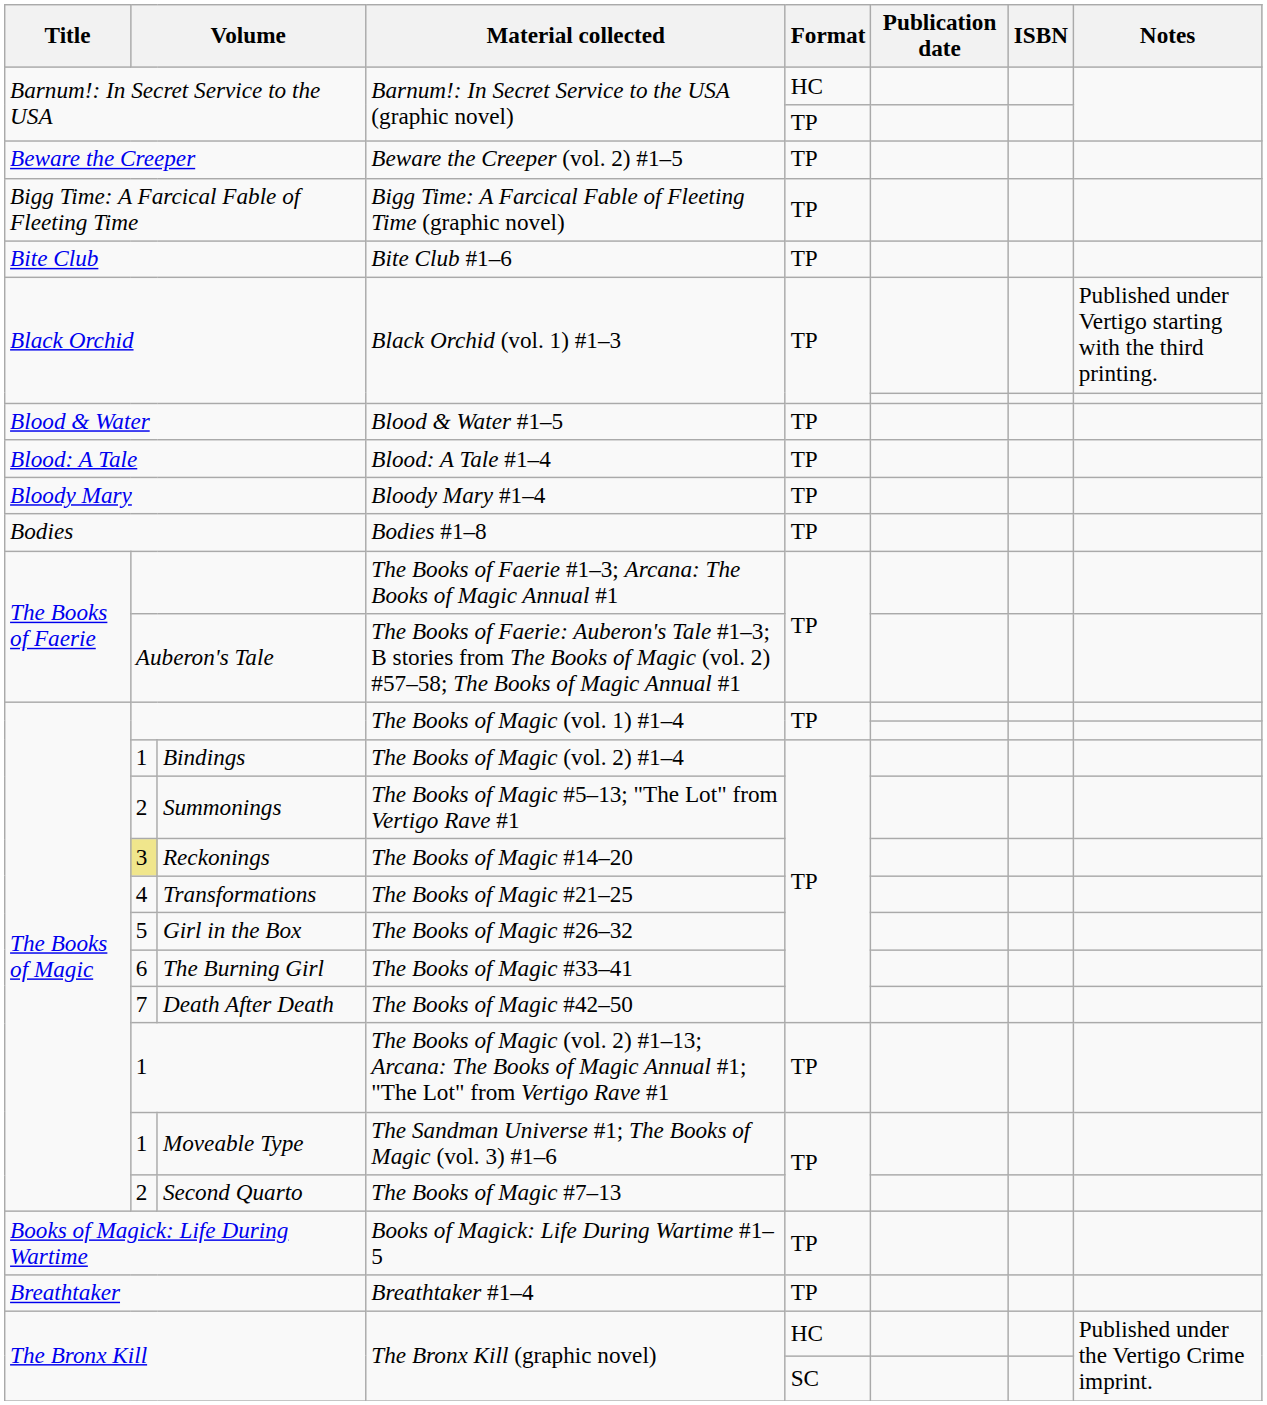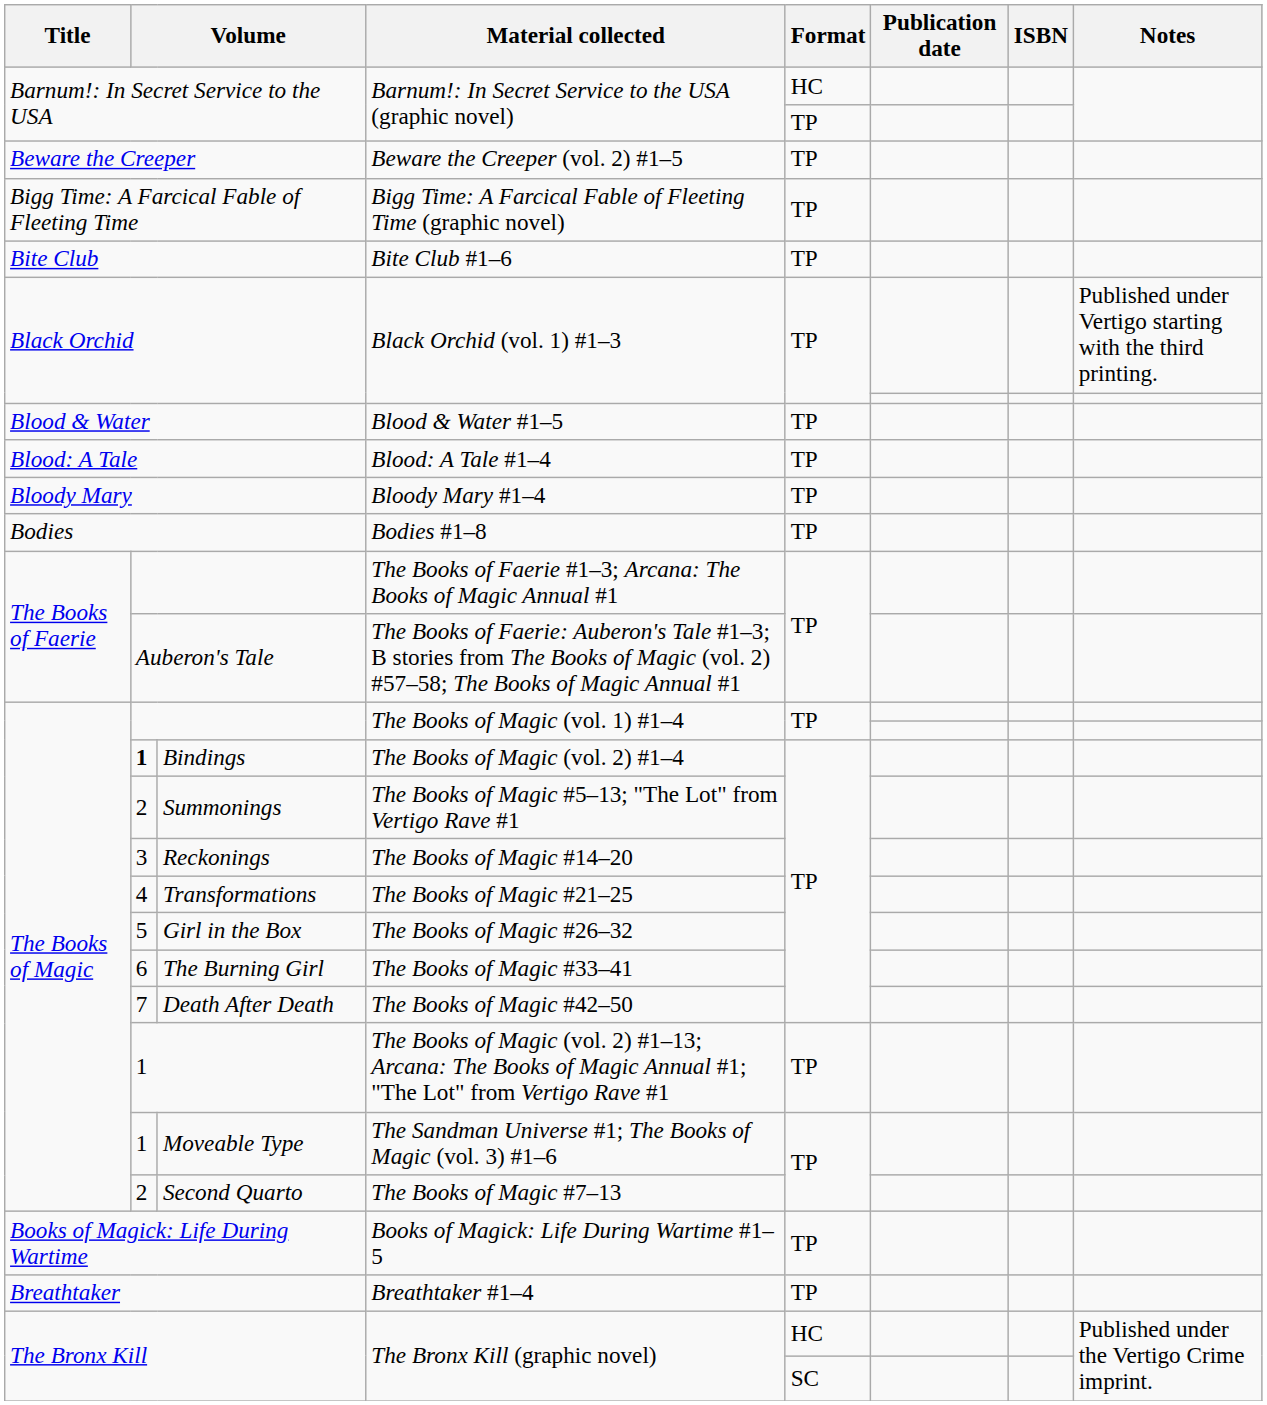 <table class="wikitable">
 <tr>
 <th width="10%">Title</th>
 <th colspan="2">Volume</th>
 <th>Material collected</th>
 <th>Format</th>
 <th>Publication date</th>
 <th>ISBN</th>
 <th width="15%">Notes</th>
 </tr>
 <tr>
 <td colspan="3" rowspan="2"><em>Barnum!: In Secret Service to the USA</em></td>
 <td rowspan="2"><em>Barnum!: In Secret Service to the USA</em> (graphic novel)</td>
 <td>HC</td>
 <td></td>
 <td></td>
 <td rowspan="2"></td>
 </tr>
 <tr>
 <td>TP</td>
 <td></td>
 <td></td>
 </tr>
 <tr>
 <td colspan="3"><em><a href='#'>Beware the Creeper</a></em></td>
 <td><em>Beware the Creeper</em> (vol. 2) #1–5</td>
 <td>TP</td>
 <td></td>
 <td></td>
 <td></td>
 </tr>
 <tr>
 <td colspan="3"><em>Bigg Time: A Farcical Fable of Fleeting Time</em></td>
 <td><em>Bigg Time: A Farcical Fable of Fleeting Time</em> (graphic novel)</td>
 <td>TP</td>
 <td></td>
 <td></td>
 <td></td>
 </tr>
 <tr>
 <td colspan="3"><em><a href='#'>Bite Club</a></em></td>
 <td><em>Bite Club</em> #1–6</td>
 <td>TP</td>
 <td></td>
 <td></td>
 <td></td>
 </tr>
 <tr>
 <td colspan="3" rowspan="2"><em><a href='#'>Black Orchid</a></em></td>
 <td rowspan="2"><em>Black Orchid</em> (vol. 1) #1–3</td>
 <td rowspan="2">TP</td>
 <td></td>
 <td></td>
 <td>Published under Vertigo starting with the third printing.</td>
 </tr>
 <tr>
 <td></td>
 <td></td>
 <td></td>
 </tr>
 <tr>
 <td colspan="3"><em><a href='#'>Blood & Water</a></em></td>
 <td><em>Blood & Water</em> #1–5</td>
 <td>TP</td>
 <td></td>
 <td></td>
 <td></td>
 </tr>
 <tr>
 <td colspan="3"><em><a href='#'>Blood: A Tale</a></em></td>
 <td><em>Blood: A Tale</em> #1–4</td>
 <td>TP</td>
 <td></td>
 <td></td>
 <td></td>
 </tr>
 <tr>
 <td colspan="3"><em><a href='#'>Bloody Mary</a></em></td>
 <td><em>Bloody Mary</em> #1–4</td>
 <td>TP</td>
 <td></td>
 <td></td>
 <td></td>
 </tr>
 <tr>
 <td colspan="3"><em>Bodies</em></td>
 <td><em>Bodies</em> #1–8</td>
 <td>TP</td>
 <td></td>
 <td></td>
 <td></td>
 </tr>
 <tr>
 <td rowspan="2"><em><a href='#'>The Books of Faerie</a></em></td>
 <td colspan="2"></td>
 <td><em>The Books of Faerie</em> #1–3; <em>Arcana: The Books of Magic Annual</em> #1</td>
 <td rowspan="2">TP</td>
 <td></td>
 <td></td>
 <td></td>
 </tr>
 <tr>
 <td colspan="2"><em>Auberon's Tale</em></td>
 <td><em>The Books of Faerie: Auberon's Tale</em> #1–3; B stories from <em>The Books of Magic</em> (vol. 2) #57–58; <em>The Books of Magic Annual</em> #1</td>
 <td></td>
 <td></td>
 <td></td>
 </tr>
 <tr>
 <td rowspan="12"><em><a href='#'>The Books of Magic</a></em></td>
 <td colspan="2" rowspan="2"></td>
 <td rowspan="2"><em>The Books of Magic</em> (vol. 1) #1–4</td>
 <td rowspan="2">TP</td>
 <td></td>
 <td></td>
 <td></td>
 </tr>
 <tr>
 <td></td>
 <td></td>
 <td></td>
 </tr>
 <tr>
-<td>1</td>
+<td><strong>1</strong></td>
 <td><em>Bindings</em></td>
 <td><em>The Books of Magic</em> (vol. 2) #1–4</td>
 <td rowspan="7">TP</td>
 <td></td>
 <td></td>
 <td></td>
 </tr>
 <tr>
 <td>2</td>
 <td><em>Summonings</em></td>
 <td><em>The Books of Magic</em> #5–13; "The Lot" from <em>Vertigo Rave</em> #1</td>
 <td></td>
 <td></td>
 <td></td>
 </tr>
 <tr>
-<td style="background: khaki;">3</td>
+<td>3</td>
 <td><em>Reckonings</em></td>
 <td><em>The Books of Magic</em> #14–20</td>
 <td></td>
 <td></td>
 <td></td>
 </tr>
 <tr>
 <td>4</td>
 <td><em>Transformations</em></td>
 <td><em>The Books of Magic</em> #21–25</td>
 <td></td>
 <td></td>
 <td></td>
 </tr>
 <tr>
 <td>5</td>
 <td><em>Girl in the Box</em></td>
 <td><em>The Books of Magic</em> #26–32</td>
 <td></td>
 <td></td>
 <td></td>
 </tr>
 <tr>
 <td>6</td>
 <td><em>The Burning Girl</em></td>
 <td><em>The Books of Magic</em> #33–41</td>
 <td></td>
 <td></td>
 <td></td>
 </tr>
 <tr>
 <td>7</td>
 <td><em>Death After Death</em></td>
 <td><em>The Books of Magic</em> #42–50</td>
 <td></td>
 <td></td>
 <td></td>
 </tr>
 <tr>
 <td colspan="2">1</td>
 <td><em>The Books of Magic</em> (vol. 2) #1–13; <em>Arcana: The Books of Magic Annual</em> #1; "The Lot" from <em>Vertigo Rave</em> #1</td>
 <td>TP</td>
 <td></td>
 <td></td>
 <td></td>
 </tr>
 <tr>
 <td>1</td>
 <td><em>Moveable Type</em></td>
 <td><em>The Sandman Universe</em> #1; <em>The Books of Magic</em> (vol. 3) #1–6</td>
 <td rowspan="2">TP</td>
 <td></td>
 <td></td>
 <td></td>
 </tr>
 <tr>
 <td>2</td>
 <td><em>Second Quarto</em></td>
 <td><em>The Books of Magic</em> #7–13</td>
 <td></td>
 <td></td>
 <td></td>
 </tr>
 <tr>
 <td colspan="3"><em><a href='#'>Books of Magick: Life During Wartime</a></em></td>
 <td><em>Books of Magick: Life During Wartime</em> #1–5</td>
 <td>TP</td>
 <td></td>
 <td></td>
 <td></td>
 </tr>
 <tr>
 <td colspan="3"><em><a href='#'>Breathtaker</a></em></td>
 <td><em>Breathtaker</em> #1–4</td>
 <td>TP</td>
 <td></td>
 <td></td>
 <td></td>
 </tr>
 <tr>
 <td colspan="3" rowspan="2"><em><a href='#'>The Bronx Kill</a></em></td>
 <td rowspan="2"><em>The Bronx Kill</em> (graphic novel)</td>
 <td>HC</td>
 <td></td>
 <td></td>
 <td rowspan="2">Published under the Vertigo Crime imprint.</td>
 </tr>
 <tr>
 <td>SC</td>
 <td></td>
 <td></td>
 </tr>
 </table>
